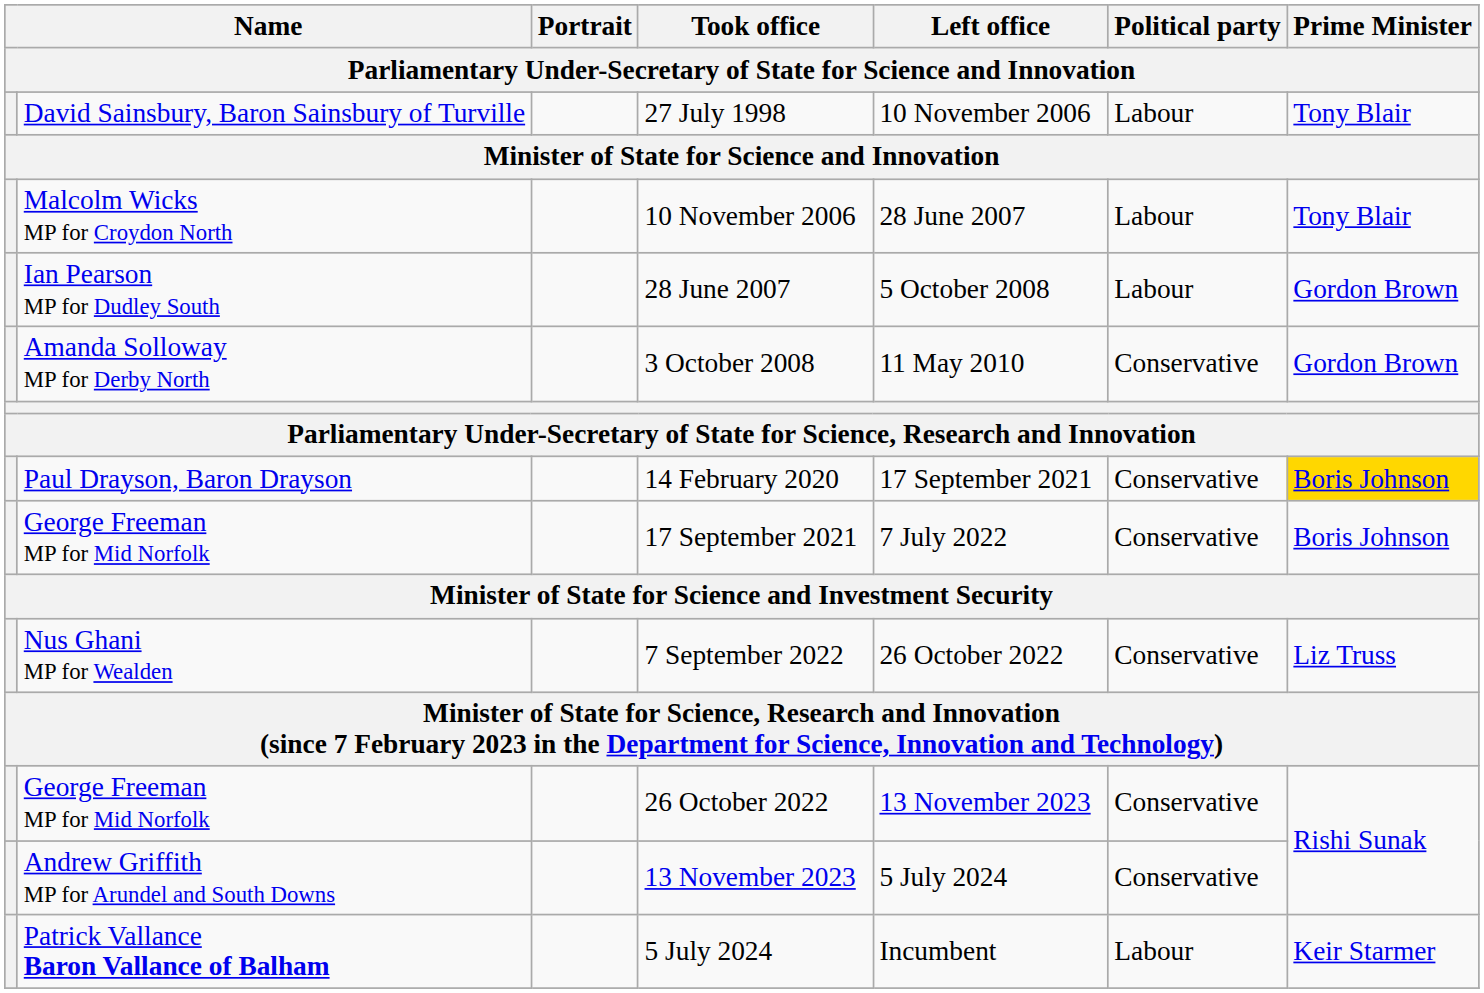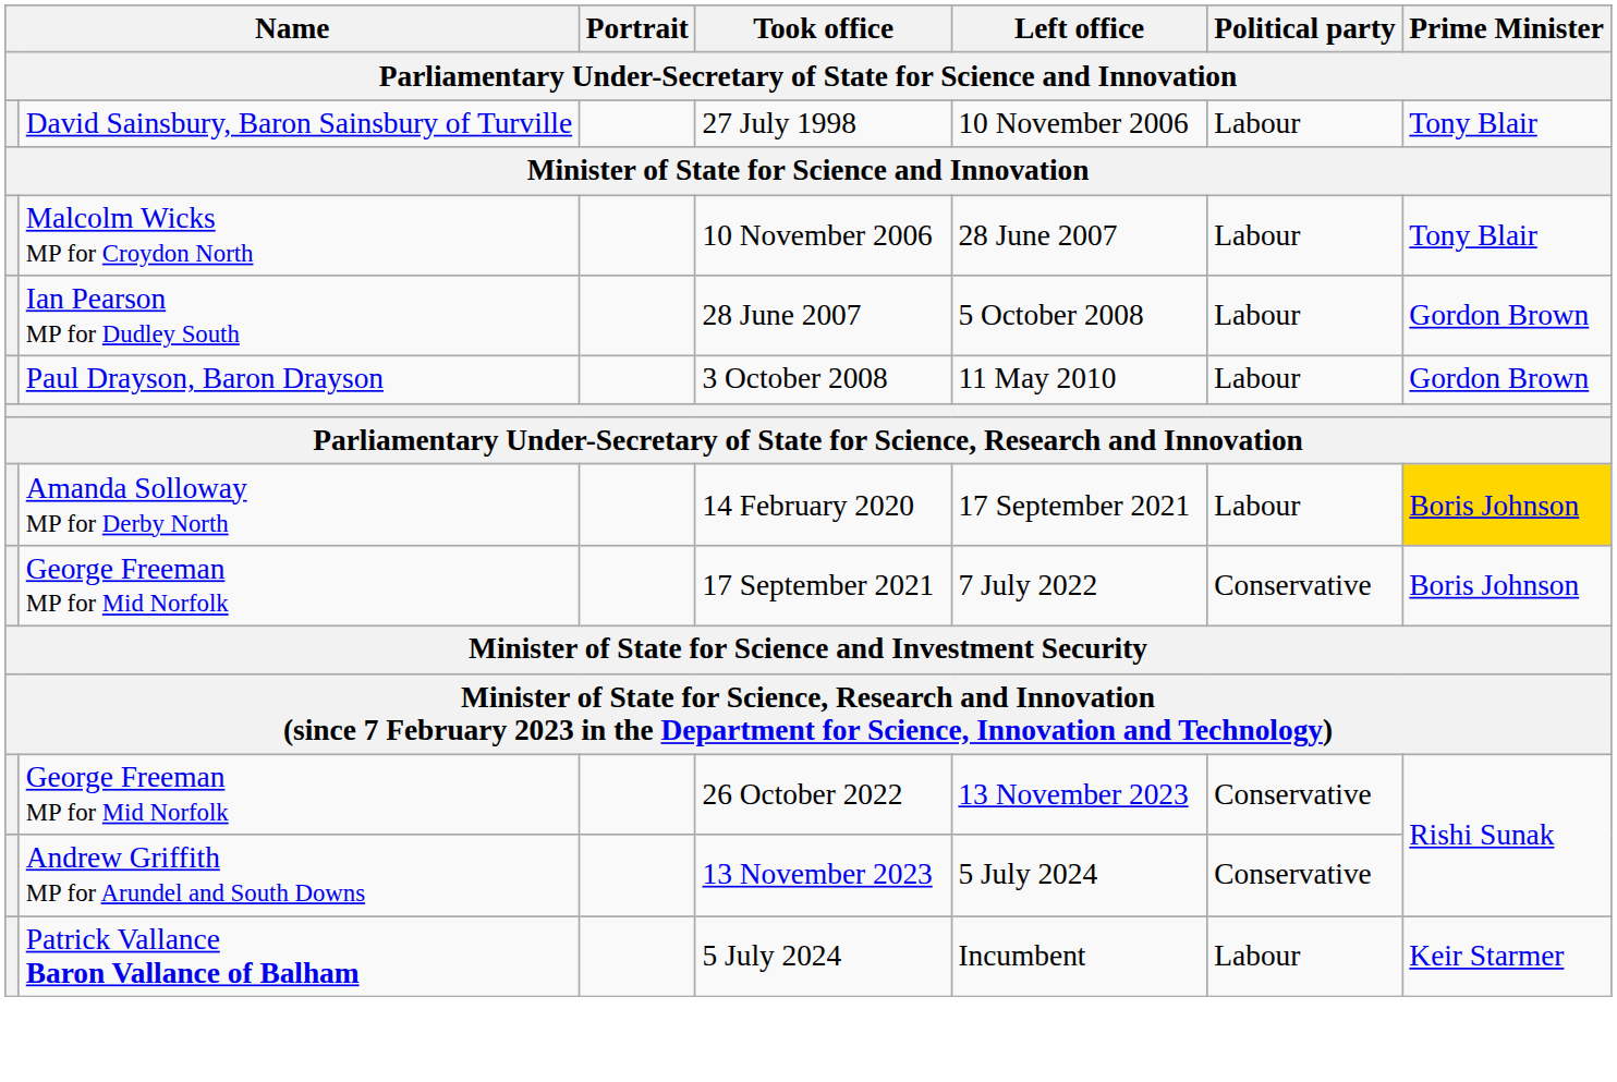 <table class="wikitable">
 <tr>
 <th colspan="2">Name</th>
 <th>Portrait</th>
 <th width="130">Took office</th>
 <th width="130">Left office</th>
 <th>Political party</th>
 <th>Prime Minister</th>
 </tr>
 <tr>
 <th colspan="7">Parliamentary Under-Secretary of State for Science and Innovation<br></th>
 </tr>
 <tr>
 <th style="background-color: "></th>
 <td><a href='#'>David Sainsbury, Baron Sainsbury of Turville</a></td>
 <td></td>
 <td>27 July 1998</td>
 <td>10 November 2006</td>
 <td>Labour</td>
 <td><a href='#'>Tony Blair</a></td>
 </tr>
 <tr>
 <th colspan="7">Minister of State for Science and Innovation</th>
 </tr>
 <tr>
 <th style="background-color: "></th>
 <td><a href='#'>Malcolm Wicks</a><br><small>MP for <a href='#'>Croydon North</a></small></td>
 <td></td>
 <td>10 November 2006</td>
 <td>28 June 2007</td>
 <td>Labour</td>
 <td><a href='#'>Tony Blair</a></td>
 </tr>
 <tr>
 <th style="background-color: "></th>
 <td><a href='#'>Ian Pearson</a><br><small>MP for <a href='#'>Dudley South</a></small></td>
 <td></td>
 <td>28 June 2007</td>
 <td>5 October 2008</td>
 <td>Labour</td>
 <td><a href='#'>Gordon Brown</a></td>
 </tr>
 <tr>
 <th style="background-color: "></th>
-<td><a href='#'>Amanda Solloway</a><br><small>MP for <a href='#'>Derby North</a></small></td>
+<td><a href='#'>Paul Drayson, Baron Drayson</a></td>
 <td></td>
 <td>3 October 2008</td>
 <td>11 May 2010</td>
-<td>Conservative</td>
+<td>Labour</td>
 <td><a href='#'>Gordon Brown</a></td>
 </tr>
 <tr>
 <th colspan="7"></th>
 </tr>
 <tr>
 <th colspan="7">Parliamentary Under-Secretary of State for Science, Research and Innovation<br></th>
 </tr>
 <tr>
 <th style="background-color: "></th>
-<td><a href='#'>Paul Drayson, Baron Drayson</a></td>
+<td><a href='#'>Amanda Solloway</a><br><small>MP for <a href='#'>Derby North</a></small></td>
 <td></td>
 <td>14 February 2020</td>
 <td>17 September 2021</td>
-<td>Conservative</td>
+<td>Labour</td>
 <td style="background: gold;"><a href='#'>Boris Johnson</a></td>
 </tr>
 <tr>
 <th style="background-color: "></th>
 <td><a href='#'>George Freeman</a><br><small>MP for <a href='#'>Mid Norfolk</a></small></td>
 <td></td>
 <td>17 September 2021</td>
 <td>7 July 2022</td>
 <td>Conservative</td>
 <td><a href='#'>Boris Johnson</a></td>
 </tr>
 <tr>
 <th colspan="7">Minister of State for Science and Investment Security</th>
-</tr>
-<tr>
-<th style="background-color: "></th>
-<td><a href='#'>Nus Ghani</a><br><small>MP for <a href='#'>Wealden</a></small></td>
-<td></td>
-<td>7 September 2022</td>
-<td>26 October 2022</td>
-<td>Conservative</td>
-<td><a href='#'>Liz Truss</a></td>
 </tr>
 <tr>
 <th colspan="7">Minister of State for Science, Research and Innovation<br>(since 7 February 2023 in the <a href='#'>Department for Science, Innovation and Technology</a>)</th>
 </tr>
 <tr>
 <th style="background-color: "></th>
 <td><a href='#'>George Freeman</a><br><small>MP for <a href='#'>Mid Norfolk</a></small></td>
 <td></td>
 <td>26 October 2022</td>
 <td><a href='#'>13 November 2023</a></td>
 <td>Conservative</td>
 <td rowspan=2><a href='#'>Rishi Sunak</a></td>
 </tr>
 <tr>
 <th style="background-color: "></th>
 <td><a href='#'>Andrew Griffith</a><br><small>MP for <a href='#'>Arundel and South Downs</a></small></td>
 <td></td>
 <td><a href='#'>13 November 2023</a></td>
 <td>5 July 2024</td>
 <td>Conservative</td>
 </tr>
 <tr>
 <th style="background-color: "></th>
 <td><a href='#'>Patrick Vallance</a><br><a href='#'><strong>Baron Vallance of Balham</strong></a></td>
 <td></td>
 <td>5 July 2024</td>
 <td>Incumbent</td>
 <td>Labour</td>
 <td><a href='#'>Keir Starmer</a></td>
 </tr>
 </table>
